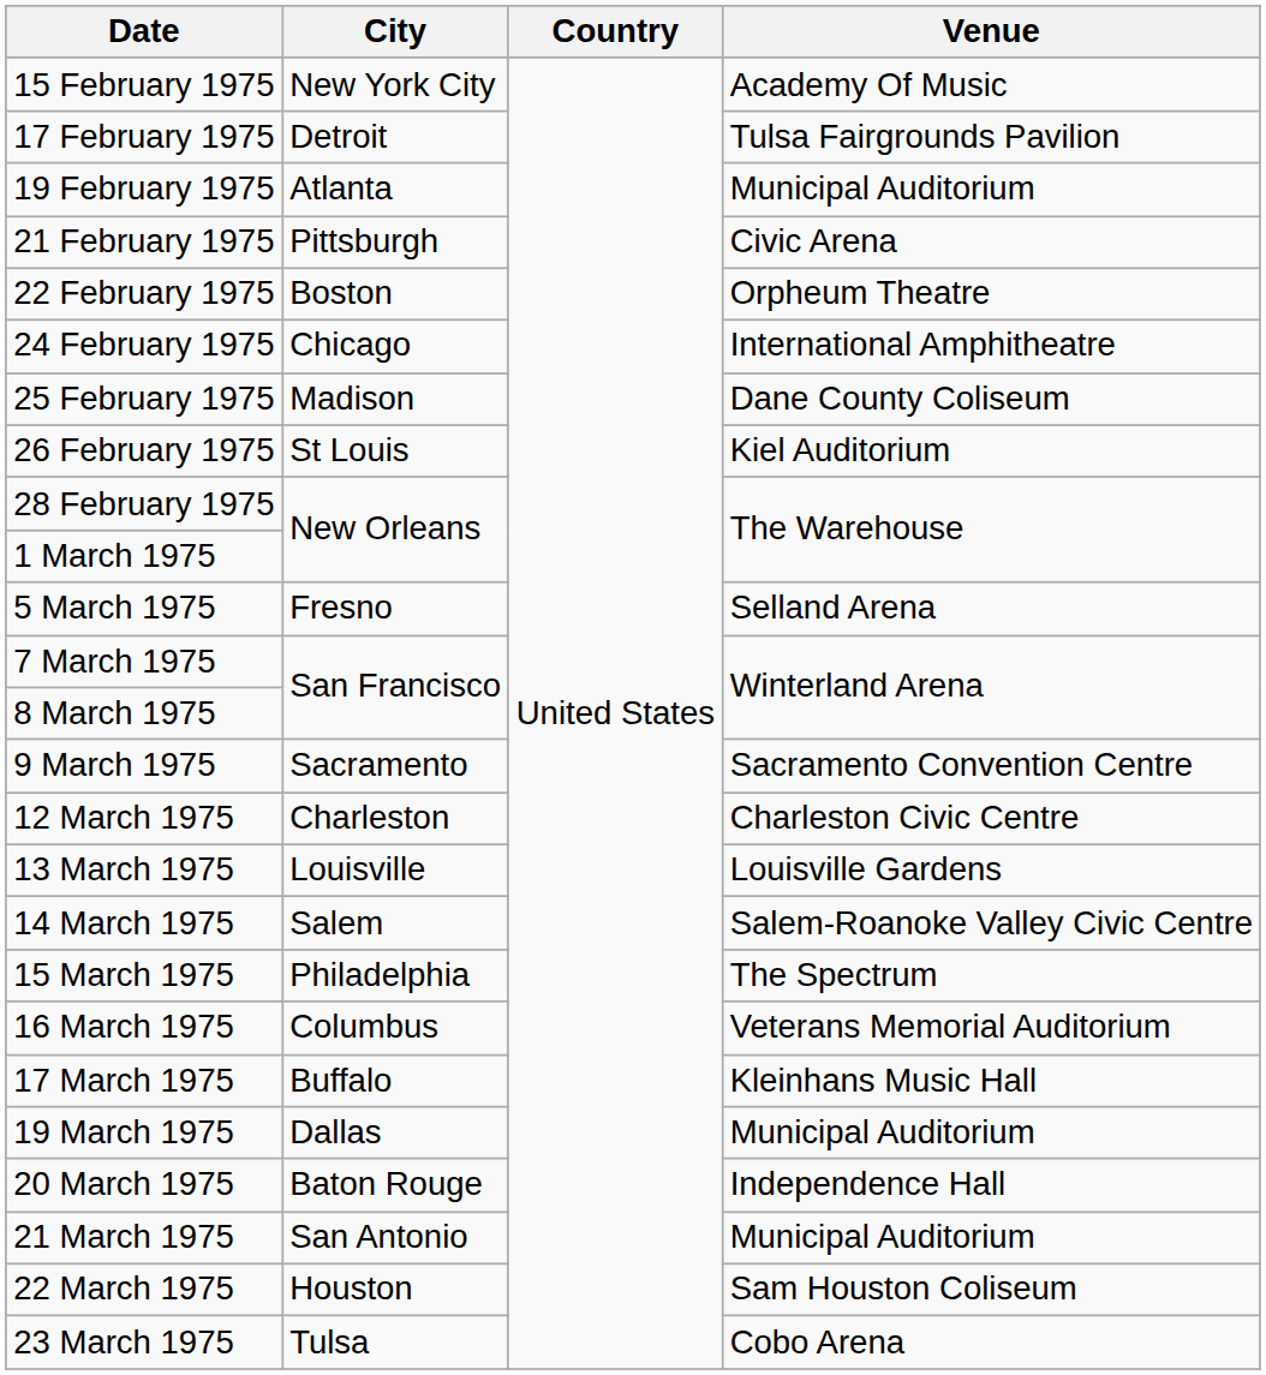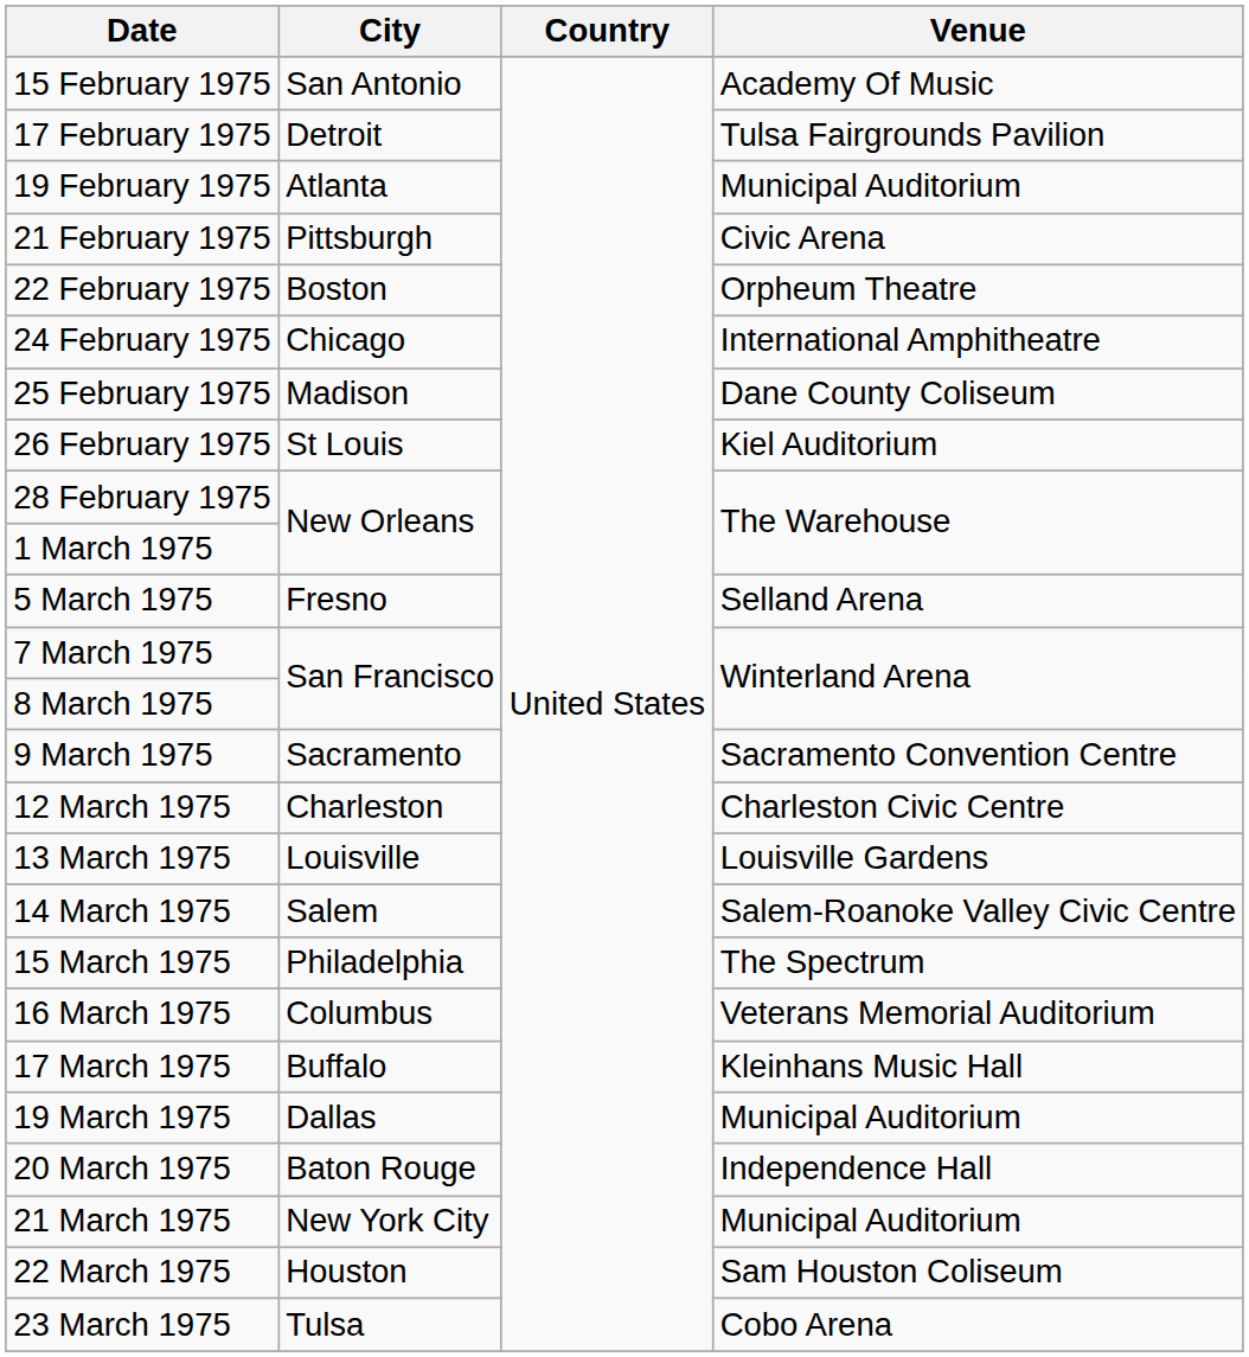 <table class="wikitable">
 <tr>
 <th>Date</th>
 <th>City</th>
 <th>Country</th>
 <th>Venue</th>
 </tr>
 <tr>
 <td>15 February 1975</td>
-<td>New York City</td>
+<td>San Antonio</td>
 <td rowspan="32">United States</td>
 <td>Academy Of Music</td>
 </tr>
 <tr>
 <td>17 February 1975</td>
 <td>Detroit</td>
 <td>Tulsa Fairgrounds Pavilion</td>
 </tr>
 <tr>
 <td>19 February 1975</td>
 <td>Atlanta</td>
 <td>Municipal Auditorium</td>
 </tr>
 <tr>
 <td>21 February 1975</td>
 <td>Pittsburgh</td>
 <td>Civic Arena</td>
 </tr>
 <tr>
 <td>22 February 1975</td>
 <td>Boston</td>
 <td>Orpheum Theatre</td>
 </tr>
 <tr>
 <td>24 February 1975</td>
 <td>Chicago</td>
 <td>International Amphitheatre</td>
 </tr>
 <tr>
 <td>25 February 1975</td>
 <td>Madison</td>
 <td>Dane County Coliseum</td>
 </tr>
 <tr>
 <td>26 February 1975</td>
 <td>St Louis</td>
 <td>Kiel Auditorium</td>
 </tr>
 <tr>
 <td>28 February 1975</td>
 <td rowspan="2">New Orleans</td>
 <td rowspan="2">The Warehouse</td>
 </tr>
 <tr>
 <td>1 March 1975</td>
 </tr>
 <tr>
 <td>5 March 1975</td>
 <td>Fresno</td>
 <td>Selland Arena</td>
 </tr>
 <tr>
 <td>7 March 1975</td>
 <td rowspan="2">San Francisco</td>
 <td rowspan="2">Winterland Arena</td>
 </tr>
 <tr>
 <td>8 March 1975</td>
 </tr>
 <tr>
 <td>9 March 1975</td>
 <td>Sacramento</td>
 <td>Sacramento Convention Centre</td>
 </tr>
 <tr>
 <td>12 March 1975</td>
 <td>Charleston</td>
 <td>Charleston Civic Centre</td>
 </tr>
 <tr>
 <td>13 March 1975</td>
 <td>Louisville</td>
 <td>Louisville Gardens</td>
 </tr>
 <tr>
 <td>14 March 1975</td>
 <td>Salem</td>
 <td>Salem-Roanoke Valley Civic Centre</td>
 </tr>
 <tr>
 <td>15 March 1975</td>
 <td>Philadelphia</td>
 <td>The Spectrum</td>
 </tr>
 <tr>
 <td>16 March 1975</td>
 <td>Columbus</td>
 <td>Veterans Memorial Auditorium</td>
 </tr>
 <tr>
 <td>17 March 1975</td>
 <td>Buffalo</td>
 <td>Kleinhans Music Hall</td>
 </tr>
 <tr>
 <td>19 March 1975</td>
 <td>Dallas</td>
 <td>Municipal Auditorium</td>
 </tr>
 <tr>
 <td>20 March 1975</td>
 <td>Baton Rouge</td>
 <td>Independence Hall</td>
 </tr>
 <tr>
 <td>21 March 1975</td>
-<td>San Antonio</td>
+<td>New York City</td>
 <td>Municipal Auditorium</td>
 </tr>
 <tr>
 <td>22 March 1975</td>
 <td>Houston</td>
 <td>Sam Houston Coliseum</td>
 </tr>
 <tr>
 <td>23 March 1975</td>
 <td>Tulsa</td>
 <td>Cobo Arena</td>
 </tr>
 </table>
